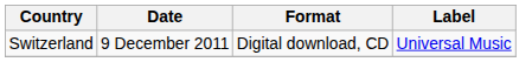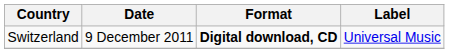 <table class="wikitable">
 <tr>
 <th>Country</th>
 <th>Date</th>
 <th>Format</th>
 <th>Label</th>
 </tr>
 <tr>
 <td>Switzerland</td>
 <td>9 December 2011</td>
-<td>Digital download, CD</td>
+<td><strong>Digital download, CD</strong></td>
 <td><a href='#'>Universal Music</a></td>
 </tr>
 <tr>
 </tr>
 </table>
